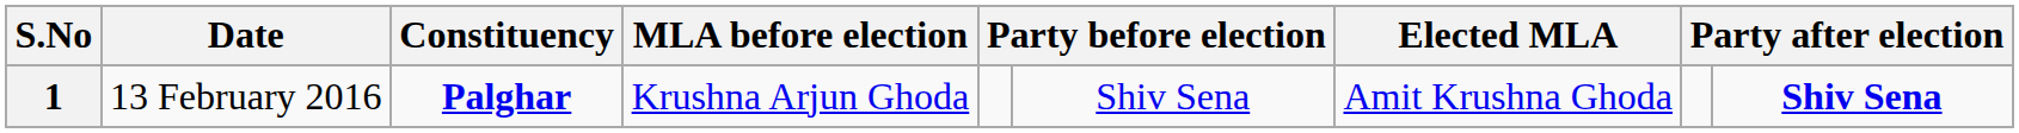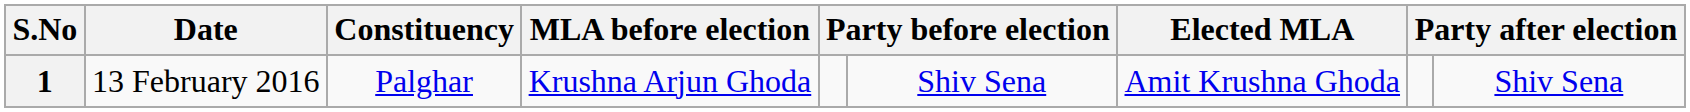 <table class="wikitable sortable" style="text-align:center;">
 <tr>
 <th>S.No</th>
 <th>Date</th>
 <th>Constituency</th>
 <th>MLA before election</th>
 <th colspan="2">Party before election</th>
 <th>Elected MLA</th>
 <th colspan="2">Party after election</th>
 </tr>
 <tr>
 <th>1</th>
 <td>13 February 2016</td>
-<td><strong><a href='#'>Palghar</a></strong></td>
+<td><a href='#'>Palghar</a></td>
 <td><a href='#'>Krushna Arjun Ghoda</a></td>
 <td></td>
 <td><a href='#'>Shiv Sena</a></td>
 <td><a href='#'>Amit Krushna Ghoda</a></td>
 <td></td>
-<td><strong><a href='#'>Shiv Sena</a></strong></td>
+<td><a href='#'>Shiv Sena</a></td>
 </tr>
 </table>
